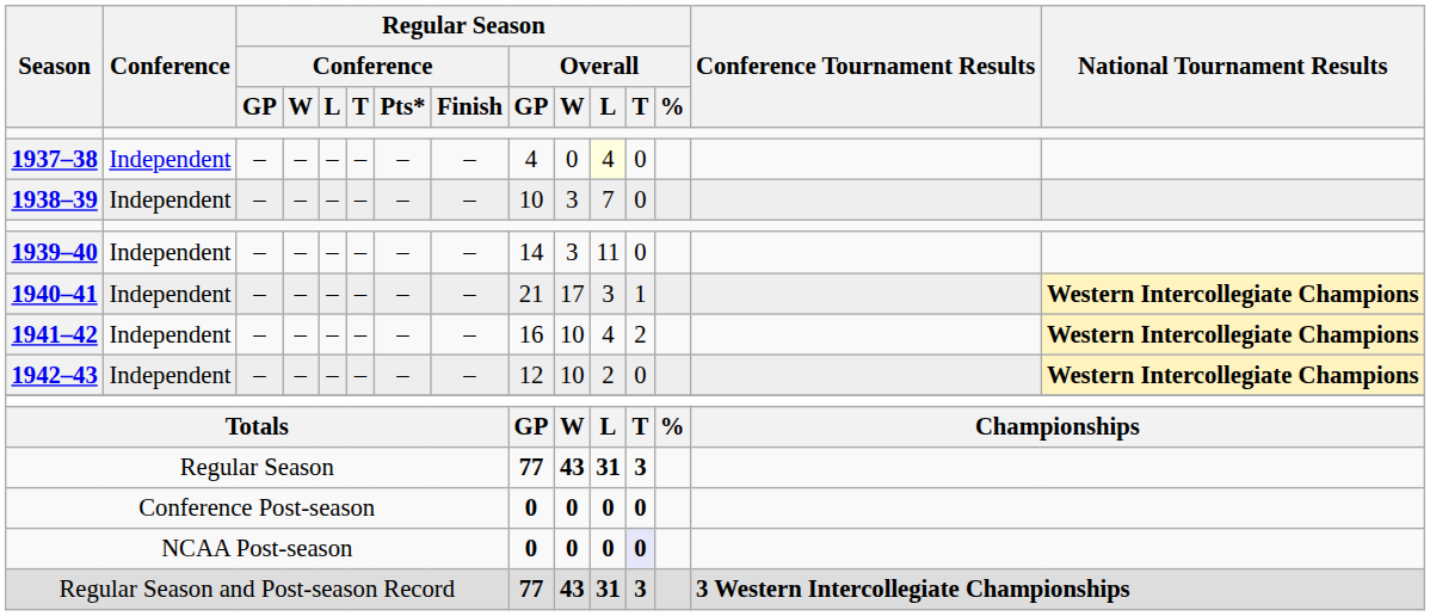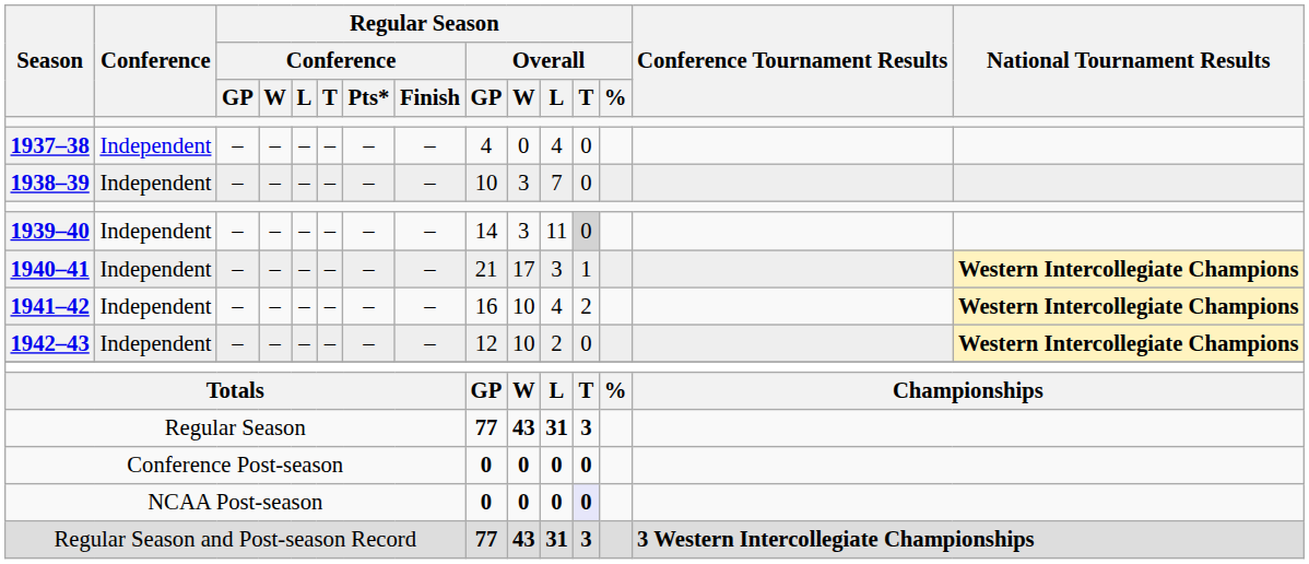 <table class="wikitable" style="text-align: center; font-size: 95%">
 <tr>
 <th rowspan="3">Season</th>
 <th rowspan="3">Conference</th>
 <th colspan="11">Regular Season</th>
 <th rowspan="3">Conference Tournament Results</th>
 <th rowspan="3">National Tournament Results</th>
 </tr>
 <tr>
 <th colspan="6">Conference</th>
 <th colspan="5">Overall</th>
 </tr>
 <tr>
 <th>GP</th>
 <th>W</th>
 <th>L</th>
 <th>T</th>
 <th>Pts*</th>
 <th>Finish</th>
 <th>GP</th>
 <th>W</th>
 <th>L</th>
 <th>T</th>
 <th>%</th>
 </tr>
 <tr>
 <td><a href='#'></a> </td>
 </tr>
 <tr>
 <th><a href='#'>1937–38</a></th>
 <td><a href='#'>Independent</a></td>
 <td>–</td>
 <td>–</td>
 <td>–</td>
 <td>–</td>
 <td>–</td>
 <td>–</td>
 <td>4</td>
 <td>0</td>
-<td style="background: lightyellow;">4</td>
+<td>4</td>
 <td>0</td>
 <td></td>
 <td align="left"></td>
 <td align="left"></td>
 </tr>
 <tr bgcolor=eeeeee>
 <th><a href='#'>1938–39</a></th>
 <td>Independent</td>
 <td>–</td>
 <td>–</td>
 <td>–</td>
 <td>–</td>
 <td>–</td>
 <td>–</td>
 <td>10</td>
 <td>3</td>
 <td>7</td>
 <td>0</td>
 <td></td>
 <td align="left"></td>
 <td align="left"></td>
 </tr>
 <tr>
 <td><a href='#'></a> </td>
 </tr>
 <tr>
 <th><a href='#'>1939–40</a></th>
 <td>Independent</td>
 <td>–</td>
 <td>–</td>
 <td>–</td>
 <td>–</td>
 <td>–</td>
 <td>–</td>
 <td>14</td>
 <td>3</td>
 <td>11</td>
-<td>0</td>
+<td style="background: lightgrey;">0</td>
 <td></td>
 <td align="left"></td>
 <td align="left"></td>
 </tr>
 <tr bgcolor=eeeeee>
 <th><a href='#'>1940–41</a></th>
 <td>Independent</td>
 <td>–</td>
 <td>–</td>
 <td>–</td>
 <td>–</td>
 <td>–</td>
 <td>–</td>
 <td>21</td>
 <td>17</td>
 <td>3</td>
 <td>1</td>
 <td></td>
 <td align="left"></td>
 <td style="background: #FFF3BF;" align="left"><strong>Western Intercollegiate Champions</strong></td>
 </tr>
 <tr>
 <th><a href='#'>1941–42</a></th>
 <td>Independent</td>
 <td>–</td>
 <td>–</td>
 <td>–</td>
 <td>–</td>
 <td>–</td>
 <td>–</td>
 <td>16</td>
 <td>10</td>
 <td>4</td>
 <td>2</td>
 <td></td>
 <td align="left"></td>
 <td style="background: #FFF3BF;" align="left"><strong>Western Intercollegiate Champions</strong></td>
 </tr>
 <tr bgcolor=eeeeee>
 <th><a href='#'>1942–43</a></th>
 <td>Independent</td>
 <td>–</td>
 <td>–</td>
 <td>–</td>
 <td>–</td>
 <td>–</td>
 <td>–</td>
 <td>12</td>
 <td>10</td>
 <td>2</td>
 <td>0</td>
 <td></td>
 <td align="left"></td>
 <td style="background: #FFF3BF;" align="left"><strong>Western Intercollegiate Champions</strong></td>
 </tr>
 <tr>
 </tr>
 <tr ->
 </tr>
 <tr>
 <td colspan="15" style="background:#fff;"></td>
 </tr>
 <tr>
 <th colspan="8">Totals</th>
 <th>GP</th>
 <th>W</th>
 <th>L</th>
 <th>T</th>
 <th>%</th>
 <th colspan="2">Championships</th>
 </tr>
 <tr>
 <td colspan="8">Regular Season</td>
 <td><strong>77</strong></td>
 <td><strong>43</strong></td>
 <td><strong>31</strong></td>
 <td><strong>3</strong></td>
 <td><strong></strong></td>
 <td colspan="2" align="left"></td>
 </tr>
 <tr>
 <td colspan="8">Conference Post-season</td>
 <td><strong>0</strong></td>
 <td><strong>0</strong></td>
 <td><strong>0</strong></td>
 <td><strong>0</strong></td>
 <td><strong></strong></td>
 <td colspan="2" align="left"></td>
 </tr>
 <tr>
 <td colspan="8">NCAA Post-season</td>
 <td><strong>0</strong></td>
 <td><strong>0</strong></td>
 <td><strong>0</strong></td>
 <td style="background: lavender;"><strong>0</strong></td>
 <td><strong></strong></td>
 <td colspan="2" align="left"></td>
 </tr>
 <tr bgcolor=dddddd>
 <td colspan="8">Regular Season and Post-season Record</td>
 <td><strong>77</strong></td>
 <td><strong>43</strong></td>
 <td><strong>31</strong></td>
 <td><strong>3</strong></td>
 <td><strong></strong></td>
 <td colspan="2" align="left"><strong>3 Western Intercollegiate Championships</strong></td>
 </tr>
 </table>
